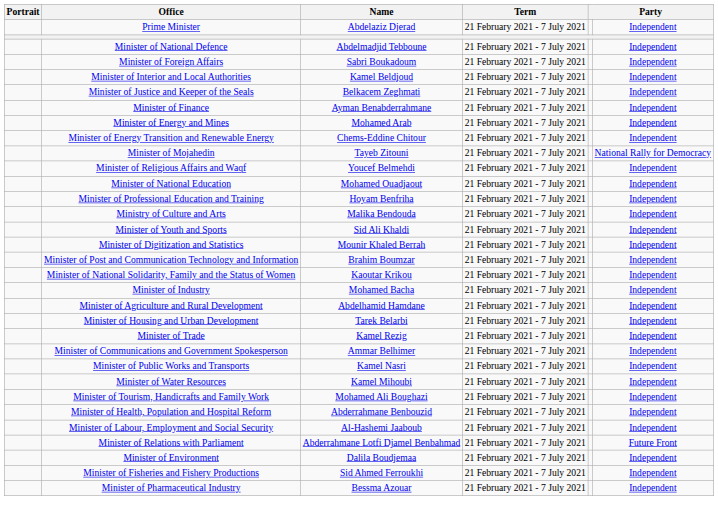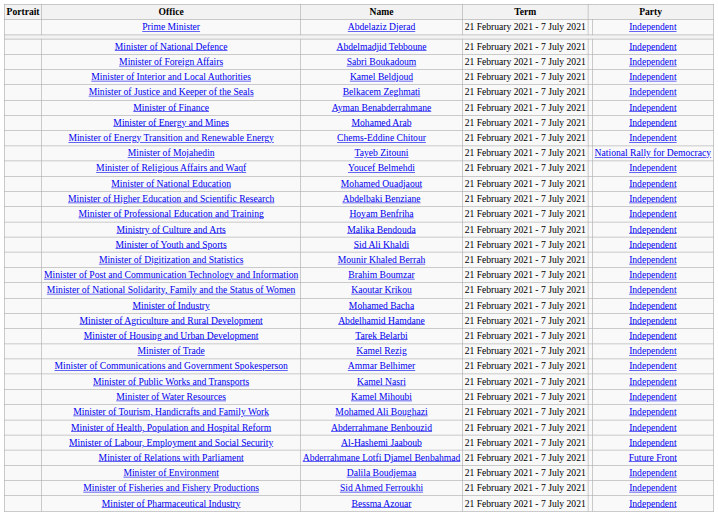 <table class="wikitable" style="text-align:center">
 <tr>
 <th>Portrait</th>
 <th>Office</th>
 <th>Name</th>
 <th>Term</th>
 <th colspan="2">Party</th>
 </tr>
 <tr>
 <td></td>
 <td><a href='#'>Prime Minister</a></td>
 <td><a href='#'>Abdelaziz Djerad</a></td>
 <td>21 February 2021 - 7 July 2021</td>
 <td></td>
 <td><a href='#'>Independent</a></td>
 </tr>
 <tr>
 <th colspan="6"></th>
 </tr>
 <tr>
 <td></td>
 <td><a href='#'>Minister of National Defence</a></td>
 <td><a href='#'>Abdelmadjid Tebboune</a></td>
 <td>21 February 2021 - 7 July 2021</td>
 <td></td>
 <td><a href='#'>Independent</a></td>
 </tr>
 <tr>
 <td></td>
 <td><a href='#'>Minister of Foreign Affairs</a></td>
 <td><a href='#'>Sabri Boukadoum</a></td>
 <td>21 February 2021 - 7 July 2021</td>
 <td></td>
 <td><a href='#'>Independent</a></td>
 </tr>
 <tr>
 <td></td>
 <td><a href='#'>Minister of Interior and Local Authorities</a></td>
 <td><a href='#'>Kamel Beldjoud</a></td>
 <td>21 February 2021 - 7 July 2021</td>
 <td></td>
 <td><a href='#'>Independent</a></td>
 </tr>
 <tr>
 <td></td>
 <td><a href='#'>Minister of Justice and Keeper of the Seals</a></td>
 <td><a href='#'>Belkacem Zeghmati</a></td>
 <td>21 February 2021 - 7 July 2021</td>
 <td></td>
 <td><a href='#'>Independent</a></td>
 </tr>
 <tr>
 <td></td>
 <td><a href='#'>Minister of Finance</a></td>
 <td><a href='#'>Ayman Benabderrahmane</a></td>
 <td>21 February 2021 - 7 July 2021</td>
 <td></td>
 <td><a href='#'>Independent</a></td>
 </tr>
 <tr>
 <td></td>
 <td><a href='#'>Minister of Energy and Mines</a></td>
 <td><a href='#'>Mohamed Arab</a></td>
 <td>21 February 2021 - 7 July 2021</td>
 <td></td>
 <td><a href='#'>Independent</a></td>
 </tr>
 <tr>
 <td></td>
 <td><a href='#'>Minister of Energy Transition and Renewable Energy</a></td>
 <td><a href='#'>Chems-Eddine Chitour</a></td>
 <td>21 February 2021 - 7 July 2021</td>
 <td></td>
 <td><a href='#'>Independent</a></td>
 </tr>
 <tr>
 <td></td>
 <td><a href='#'>Minister of Mojahedin</a></td>
 <td><a href='#'>Tayeb Zitouni</a></td>
 <td>21 February 2021 - 7 July 2021</td>
 <td></td>
 <td><a href='#'>National Rally for Democracy</a></td>
 </tr>
 <tr>
 <td></td>
 <td><a href='#'>Minister of Religious Affairs and Waqf</a></td>
 <td><a href='#'>Youcef Belmehdi</a></td>
 <td>21 February 2021 - 7 July 2021</td>
 <td></td>
 <td><a href='#'>Independent</a></td>
 </tr>
 <tr>
 <td></td>
 <td><a href='#'>Minister of National Education</a></td>
 <td><a href='#'>Mohamed Ouadjaout</a></td>
+<td>21 February 2021 - 7 July 2021</td>
+<td></td>
+<td><a href='#'>Independent</a></td>
+</tr>
+<tr>
+<td></td>
+<td><a href='#'>Minister of Higher Education and Scientific Research</a></td>
+<td><a href='#'>Abdelbaki Benziane</a></td>
 <td>21 February 2021 - 7 July 2021</td>
 <td></td>
 <td><a href='#'>Independent</a></td>
 </tr>
 <tr>
 <td></td>
 <td><a href='#'>Minister of Professional Education and Training</a></td>
 <td><a href='#'>Hoyam Benfriha</a></td>
 <td>21 February 2021 - 7 July 2021</td>
 <td></td>
 <td><a href='#'>Independent</a></td>
 </tr>
 <tr>
 <td></td>
 <td><a href='#'>Ministry of Culture and Arts</a></td>
 <td><a href='#'>Malika Bendouda</a></td>
 <td>21 February 2021 - 7 July 2021</td>
 <td></td>
 <td><a href='#'>Independent</a></td>
 </tr>
 <tr>
 <td></td>
 <td><a href='#'>Minister of Youth and Sports</a></td>
 <td><a href='#'>Sid Ali Khaldi</a></td>
 <td>21 February 2021 - 7 July 2021</td>
 <td></td>
 <td><a href='#'>Independent</a></td>
 </tr>
 <tr>
 <td></td>
 <td><a href='#'>Minister of Digitization and Statistics</a></td>
 <td><a href='#'>Mounir Khaled Berrah</a></td>
 <td>21 February 2021 - 7 July 2021</td>
 <td></td>
 <td><a href='#'>Independent</a></td>
 </tr>
 <tr>
 <td></td>
 <td><a href='#'>Minister of Post and Communication Technology and Information</a></td>
 <td><a href='#'>Brahim Boumzar</a></td>
 <td>21 February 2021 - 7 July 2021</td>
 <td></td>
 <td><a href='#'>Independent</a></td>
 </tr>
 <tr>
 <td></td>
 <td><a href='#'>Minister of National Solidarity, Family and the Status of Women</a></td>
 <td><a href='#'>Kaoutar Krikou</a></td>
 <td>21 February 2021 - 7 July 2021</td>
 <td></td>
 <td><a href='#'>Independent</a></td>
 </tr>
 <tr>
 <td></td>
 <td><a href='#'>Minister of Industry</a></td>
 <td><a href='#'>Mohamed Bacha</a></td>
 <td>21 February 2021 - 7 July 2021</td>
 <td></td>
 <td><a href='#'>Independent</a></td>
 </tr>
 <tr>
 <td></td>
 <td><a href='#'>Minister of Agriculture and Rural Development</a></td>
 <td><a href='#'>Abdelhamid Hamdane</a></td>
 <td>21 February 2021 - 7 July 2021</td>
 <td></td>
 <td><a href='#'>Independent</a></td>
 </tr>
 <tr>
 <td></td>
 <td><a href='#'>Minister of Housing and Urban Development</a></td>
 <td><a href='#'>Tarek Belarbi</a></td>
 <td>21 February 2021 - 7 July 2021</td>
 <td></td>
 <td><a href='#'>Independent</a></td>
 </tr>
 <tr>
 <td></td>
 <td><a href='#'>Minister of Trade</a></td>
 <td><a href='#'>Kamel Rezig</a></td>
 <td>21 February 2021 - 7 July 2021</td>
 <td></td>
 <td><a href='#'>Independent</a></td>
 </tr>
 <tr>
 <td></td>
 <td><a href='#'>Minister of Communications and Government Spokesperson</a></td>
 <td><a href='#'>Ammar Belhimer</a></td>
 <td>21 February 2021 - 7 July 2021</td>
 <td></td>
 <td><a href='#'>Independent</a></td>
 </tr>
 <tr>
 <td></td>
 <td><a href='#'>Minister of Public Works and Transports</a></td>
 <td><a href='#'>Kamel Nasri</a></td>
 <td>21 February 2021 - 7 July 2021</td>
 <td></td>
 <td><a href='#'>Independent</a></td>
 </tr>
 <tr>
 <td></td>
 <td><a href='#'>Minister of Water Resources</a></td>
 <td><a href='#'>Kamel Mihoubi</a></td>
 <td>21 February 2021 - 7 July 2021</td>
 <td></td>
 <td><a href='#'>Independent</a></td>
 </tr>
 <tr>
 <td></td>
 <td><a href='#'>Minister of Tourism, Handicrafts and Family Work</a></td>
 <td><a href='#'>Mohamed Ali Boughazi</a></td>
 <td>21 February 2021 - 7 July 2021</td>
 <td></td>
 <td><a href='#'>Independent</a></td>
 </tr>
 <tr>
 <td></td>
 <td><a href='#'>Minister of Health, Population and Hospital Reform</a></td>
 <td><a href='#'>Abderrahmane Benbouzid</a></td>
 <td>21 February 2021 - 7 July 2021</td>
 <td></td>
 <td><a href='#'>Independent</a></td>
 </tr>
 <tr>
 <td></td>
 <td><a href='#'>Minister of Labour, Employment and Social Security</a></td>
 <td><a href='#'>Al-Hashemi Jaaboub</a></td>
 <td>21 February 2021 - 7 July 2021</td>
 <td></td>
 <td><a href='#'>Independent</a></td>
 </tr>
 <tr>
 <td></td>
 <td><a href='#'>Minister of Relations with Parliament</a></td>
 <td><a href='#'>Abderrahmane Lotfi Djamel Benbahmad</a></td>
 <td>21 February 2021 - 7 July 2021</td>
 <td></td>
 <td><a href='#'>Future Front</a></td>
 </tr>
 <tr>
 <td></td>
 <td><a href='#'>Minister of Environment</a></td>
 <td><a href='#'>Dalila Boudjemaa</a></td>
 <td>21 February 2021 - 7 July 2021</td>
 <td></td>
 <td><a href='#'>Independent</a></td>
 </tr>
 <tr>
 <td></td>
 <td><a href='#'>Minister of Fisheries and Fishery Productions</a></td>
 <td><a href='#'>Sid Ahmed Ferroukhi</a></td>
 <td>21 February 2021 - 7 July 2021</td>
 <td></td>
 <td><a href='#'>Independent</a></td>
 </tr>
 <tr>
 <td></td>
 <td><a href='#'>Minister of Pharmaceutical Industry</a></td>
 <td><a href='#'>Bessma Azouar</a></td>
 <td>21 February 2021 - 7 July 2021</td>
 <td></td>
 <td><a href='#'>Independent</a></td>
 </tr>
 </table>
